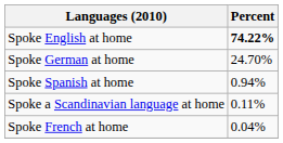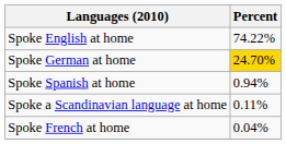 <table class="wikitable sortable collapsible" style="font-size: 90%;">
 <tr>
 <th>Languages (2010)</th>
 <th>Percent</th>
 </tr>
 <tr>
 <td>Spoke <a href='#'>English</a> at home</td>
-<td><strong>74.22%</strong></td>
+<td>74.22%</td>
 </tr>
 <tr>
 <td>Spoke <a href='#'>German</a> at home</td>
-<td>24.70%</td>
+<td style="background: gold;">24.70%</td>
 </tr>
 <tr>
 <td>Spoke <a href='#'>Spanish</a> at home</td>
 <td>0.94%</td>
 </tr>
 <tr>
 <td>Spoke a <a href='#'>Scandinavian language</a> at home</td>
 <td>0.11%</td>
 </tr>
 <tr>
 <td>Spoke <a href='#'>French</a> at home</td>
 <td>0.04%</td>
 </tr>
 <tr>
 </tr>
 </table>
